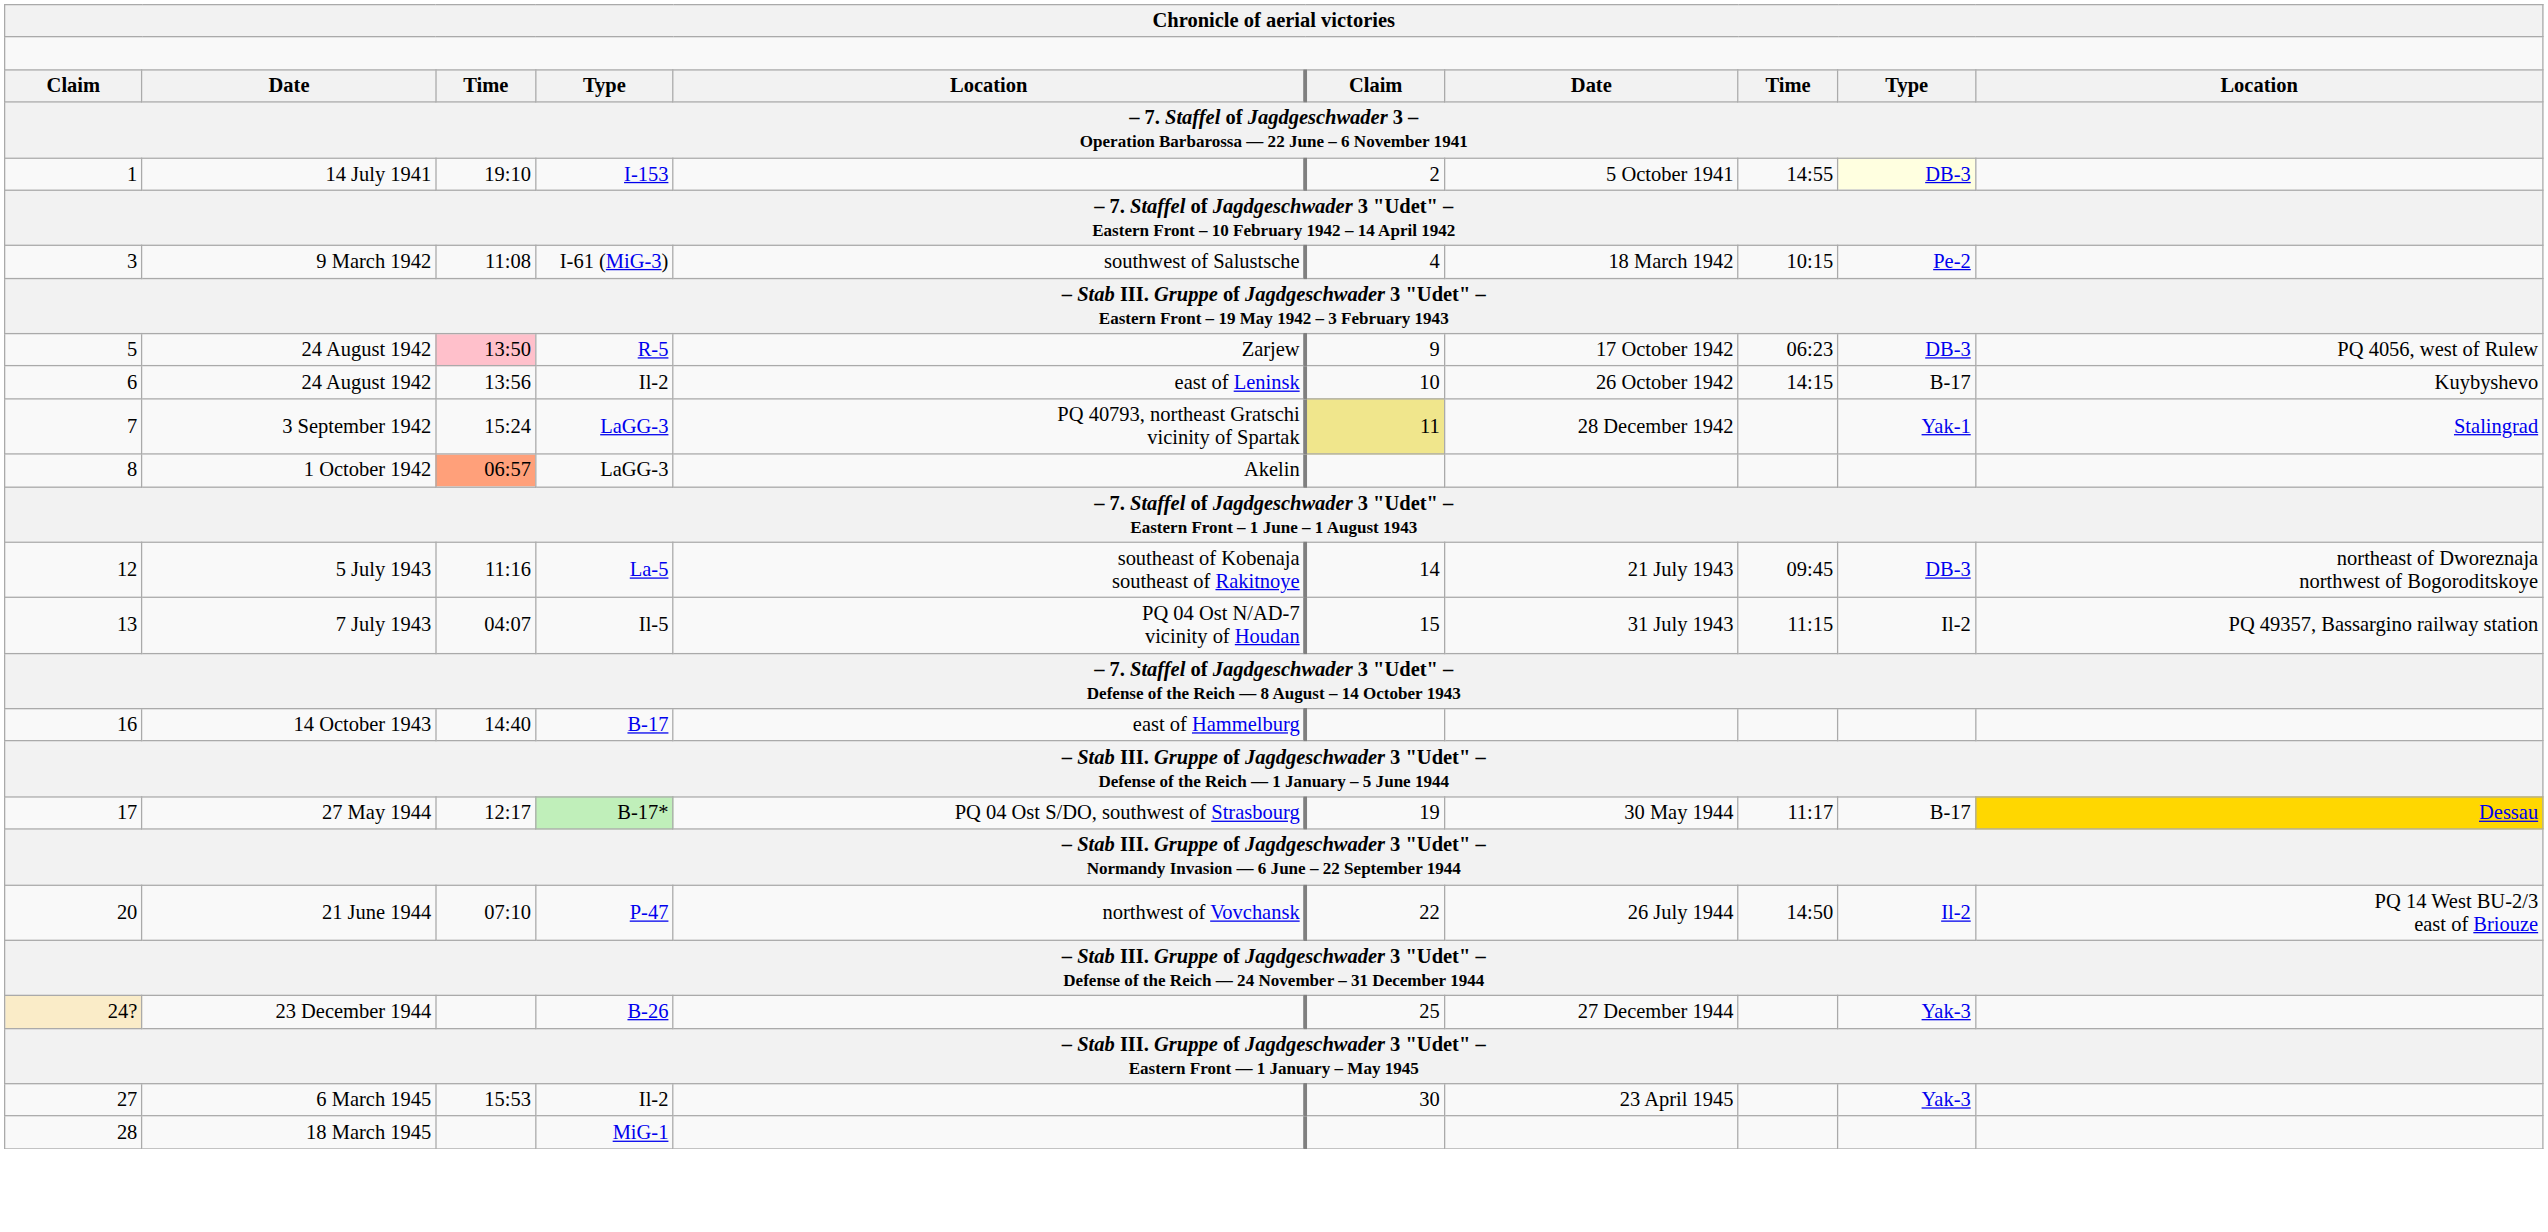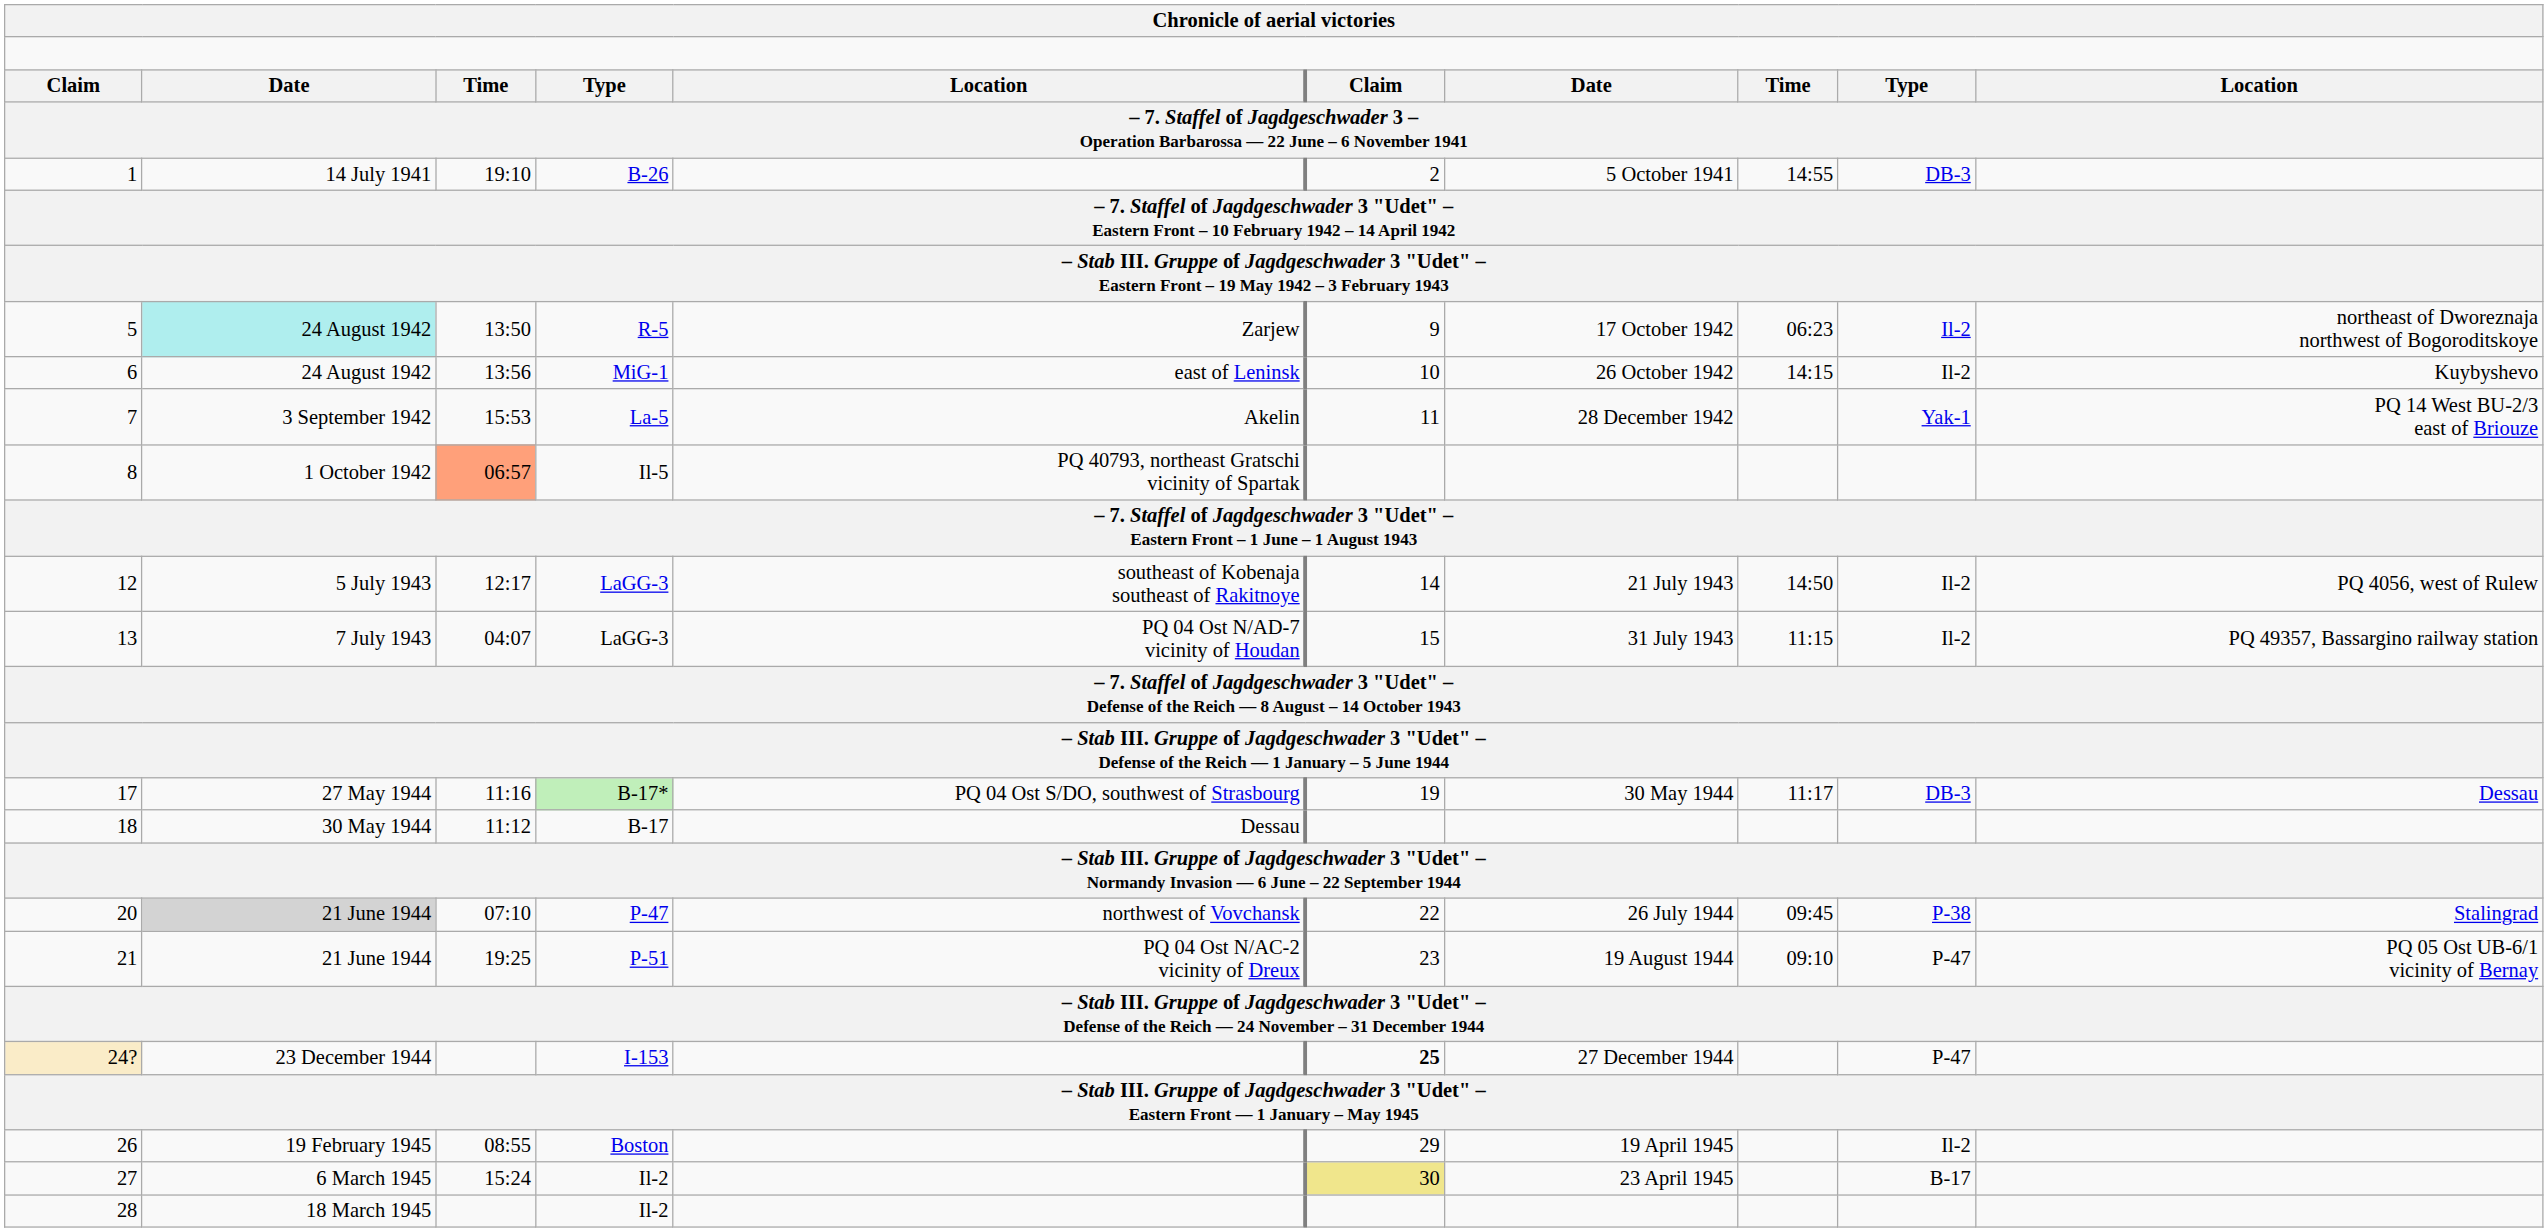 <table class="wikitable plainrowheaders collapsible" style="margin-left: auto; margin-right: auto; border: none; text-align:right; width: 100%;">
 <tr>
 <th colspan="10">Chronicle of aerial victories</th>
 </tr>
 <tr>
 <td colspan="10" style="text-align: left;"><br> </td>
 </tr>
 <tr>
 <th scope="col" width="100px">Claim</th>
 <th scope="col">Date</th>
 <th scope="col">Time</th>
 <th scope="col" width="100px">Type</th>
 <th scope="col">Location</th>
 <th scope="col" style="border-left: 3px solid grey;" width="100px">Claim</th>
 <th scope="col">Date</th>
 <th scope="col">Time</th>
 <th scope="col" width="100px">Type</th>
 <th scope="col">Location</th>
 </tr>
 <tr>
 <th colspan="10">– 7. <em>Staffel</em> of <em>Jagdgeschwader</em> 3 –<br><small>Operation Barbarossa — 22 June – 6 November 1941</small></th>
 </tr>
 <tr>
 <td>1</td>
 <td>14 July 1941</td>
 <td>19:10</td>
-<td><a href='#'>I-153</a></td>
+<td><a href='#'>B-26</a></td>
 <td></td>
 <td style="border-left: 3px solid grey;">2</td>
 <td>5 October 1941</td>
 <td>14:55</td>
-<td style="background: lightyellow;"><a href='#'>DB-3</a></td>
+<td><a href='#'>DB-3</a></td>
 <td></td>
 </tr>
 <tr>
 <th colspan="10">– 7. <em>Staffel</em> of <em>Jagdgeschwader</em> 3 "Udet" –<br><small>Eastern Front – 10 February 1942 – 14 April 1942</small></th>
 </tr>
 <tr>
-<td>3</td>
-<td>9 March 1942</td>
-<td>11:08</td>
-<td>I-61 (<a href='#'>MiG-3</a>)</td>
-<td> southwest of Salustsche</td>
-<td style="border-left: 3px solid grey;">4</td>
-<td>18 March 1942</td>
-<td>10:15</td>
-<td><a href='#'>Pe-2</a></td>
-<td></td>
-</tr>
-<tr>
 <th colspan="10">– <em>Stab</em> III. <em>Gruppe</em> of <em>Jagdgeschwader</em> 3 "Udet" –<br><small>Eastern Front – 19 May 1942 – 3 February 1943</small></th>
 </tr>
 <tr>
 <td>5</td>
-<td>24 August 1942</td>
-<td style="background: pink;">13:50</td>
+<td style="background: paleturquoise;">24 August 1942</td>
+<td>13:50</td>
 <td><a href='#'>R-5</a></td>
 <td>Zarjew</td>
 <td style="border-left: 3px solid grey;">9</td>
 <td>17 October 1942</td>
 <td>06:23</td>
-<td><a href='#'>DB-3</a></td>
-<td>PQ 4056, west of Rulew</td>
+<td><a href='#'>Il-2</a></td>
+<td> northeast of Dworeznaja<br> northwest of Bogoroditskoye</td>
 </tr>
 <tr>
 <td>6</td>
 <td>24 August 1942</td>
 <td>13:56</td>
-<td>Il-2</td>
+<td><a href='#'>MiG-1</a></td>
 <td>east of <a href='#'>Leninsk</a></td>
 <td style="border-left: 3px solid grey;">10</td>
 <td>26 October 1942</td>
 <td>14:15</td>
-<td>B-17</td>
+<td>Il-2</td>
 <td>Kuybyshevo</td>
 </tr>
 <tr>
 <td>7</td>
 <td>3 September 1942</td>
-<td>15:24</td>
-<td><a href='#'>LaGG-3</a></td>
-<td>PQ 40793, northeast Gratschi<br>vicinity of Spartak</td>
-<td style="background: khaki; border-left: 3px solid grey;">11</td>
+<td>15:53</td>
+<td><a href='#'>La-5</a></td>
+<td>Akelin</td>
+<td style="border-left: 3px solid grey;">11</td>
 <td>28 December 1942</td>
 <td></td>
 <td><a href='#'>Yak-1</a></td>
-<td><a href='#'>Stalingrad</a></td>
+<td>PQ 14 West BU-2/3<br>east of <a href='#'>Briouze</a></td>
 </tr>
 <tr>
 <td>8</td>
 <td>1 October 1942</td>
 <td style="background: lightsalmon;">06:57</td>
-<td>LaGG-3</td>
-<td>Akelin</td>
+<td>Il-5</td>
+<td>PQ 40793, northeast Gratschi<br>vicinity of Spartak</td>
 <td style="border-left: 3px solid grey;"></td>
 <td></td>
 <td></td>
 <td></td>
 <td></td>
 </tr>
 <tr>
 <th colspan="10">– 7. <em>Staffel</em> of <em>Jagdgeschwader</em> 3 "Udet" –<br><small>Eastern Front – 1 June – 1 August 1943</small></th>
 </tr>
 <tr>
 <td>12</td>
 <td>5 July 1943</td>
-<td>11:16</td>
-<td><a href='#'>La-5</a></td>
+<td>12:17</td>
+<td><a href='#'>LaGG-3</a></td>
 <td>southeast of Kobenaja<br>southeast of <a href='#'>Rakitnoye</a></td>
 <td style="border-left: 3px solid grey;">14</td>
 <td>21 July 1943</td>
-<td>09:45</td>
-<td><a href='#'>DB-3</a></td>
-<td> northeast of Dworeznaja<br> northwest of Bogoroditskoye</td>
+<td>14:50</td>
+<td>Il-2</td>
+<td>PQ 4056, west of Rulew</td>
 </tr>
 <tr>
 <td>13</td>
 <td>7 July 1943</td>
 <td>04:07</td>
-<td>Il-5</td>
+<td>LaGG-3</td>
 <td>PQ 04 Ost N/AD-7<br>vicinity of <a href='#'>Houdan</a></td>
 <td style="border-left: 3px solid grey;">15</td>
 <td>31 July 1943</td>
 <td>11:15</td>
 <td>Il-2</td>
 <td>PQ 49357, Bassargino railway station</td>
 </tr>
 <tr>
 <th colspan="10">– 7. <em>Staffel</em> of <em>Jagdgeschwader</em> 3 "Udet" –<br><small>Defense of the Reich — 8 August – 14 October 1943</small></th>
 </tr>
 <tr>
-<td>16</td>
-<td>14 October 1943</td>
-<td>14:40</td>
-<td><a href='#'>B-17</a></td>
-<td> east of <a href='#'>Hammelburg</a></td>
+<th colspan="10">– <em>Stab</em> III. <em>Gruppe</em> of <em>Jagdgeschwader</em> 3 "Udet" –<br><small>Defense of the Reich — 1 January – 5 June 1944</small></th>
+</tr>
+<tr>
+<td>17</td>
+<td>27 May 1944</td>
+<td>11:16</td>
+<td style="background:#C0EFBA">B-17*</td>
+<td>PQ 04 Ost S/DO, southwest of <a href='#'>Strasbourg</a></td>
+<td style="border-left: 3px solid grey;">19</td>
+<td>30 May 1944</td>
+<td>11:17</td>
+<td><a href='#'>DB-3</a></td>
+<td><a href='#'>Dessau</a></td>
+</tr>
+<tr>
+<td>18</td>
+<td>30 May 1944</td>
+<td>11:12</td>
+<td>B-17</td>
+<td>Dessau</td>
 <td style="border-left: 3px solid grey;"></td>
 <td></td>
 <td></td>
 <td></td>
 <td></td>
 </tr>
 <tr>
-<th colspan="10">– <em>Stab</em> III. <em>Gruppe</em> of <em>Jagdgeschwader</em> 3 "Udet" –<br><small>Defense of the Reich — 1 January – 5 June 1944</small></th>
-</tr>
-<tr>
-<td>17</td>
-<td>27 May 1944</td>
-<td>12:17</td>
-<td style="background:#C0EFBA">B-17*</td>
-<td>PQ 04 Ost S/DO, southwest of <a href='#'>Strasbourg</a></td>
-<td style="border-left: 3px solid grey;">19</td>
-<td>30 May 1944</td>
-<td>11:17</td>
-<td>B-17</td>
-<td style="background: gold;"><a href='#'>Dessau</a></td>
-</tr>
-<tr>
 <th colspan="10">– <em>Stab</em> III. <em>Gruppe</em> of <em>Jagdgeschwader</em> 3 "Udet" –<br><small>Normandy Invasion — 6 June – 22 September 1944</small></th>
 </tr>
 <tr>
 <td>20</td>
-<td>21 June 1944</td>
+<td style="background: lightgrey;">21 June 1944</td>
 <td>07:10</td>
 <td><a href='#'>P-47</a></td>
 <td>northwest of <a href='#'>Vovchansk</a></td>
 <td style="border-left: 3px solid grey;">22</td>
 <td>26 July 1944</td>
-<td>14:50</td>
-<td><a href='#'>Il-2</a></td>
-<td>PQ 14 West BU-2/3<br>east of <a href='#'>Briouze</a></td>
+<td>09:45</td>
+<td><a href='#'>P-38</a></td>
+<td><a href='#'>Stalingrad</a></td>
+</tr>
+<tr>
+<td>21</td>
+<td>21 June 1944</td>
+<td>19:25</td>
+<td><a href='#'>P-51</a></td>
+<td>PQ 04 Ost N/AC-2<br>vicinity of <a href='#'>Dreux</a></td>
+<td style="border-left: 3px solid grey;">23</td>
+<td>19 August 1944</td>
+<td>09:10</td>
+<td>P-47</td>
+<td>PQ 05 Ost UB-6/1<br>vicinity of <a href='#'>Bernay</a></td>
 </tr>
 <tr>
 <th colspan="10">– <em>Stab</em> III. <em>Gruppe</em> of <em>Jagdgeschwader</em> 3 "Udet" –<br><small>Defense of the Reich — 24 November – 31 December 1944</small></th>
 </tr>
 <tr>
 <td style="background:#faecc8">24?</td>
 <td>23 December 1944</td>
 <td></td>
-<td><a href='#'>B-26</a></td>
+<td><a href='#'>I-153</a></td>
 <td></td>
-<td style="border-left: 3px solid grey;">25</td>
+<td style="border-left: 3px solid grey;"><strong>25</strong></td>
 <td>27 December 1944</td>
 <td></td>
-<td><a href='#'>Yak-3</a></td>
+<td>P-47</td>
 <td></td>
 </tr>
 <tr>
 <th colspan="10">– <em>Stab</em> III. <em>Gruppe</em> of <em>Jagdgeschwader</em> 3 "Udet" –<br><small>Eastern Front — 1 January – May 1945</small></th>
 </tr>
 <tr>
+<td>26</td>
+<td>19 February 1945</td>
+<td>08:55</td>
+<td><a href='#'>Boston</a></td>
+<td></td>
+<td style="border-left: 3px solid grey;">29</td>
+<td>19 April 1945</td>
+<td></td>
+<td>Il-2</td>
+<td></td>
+</tr>
+<tr>
 <td>27</td>
 <td>6 March 1945</td>
-<td>15:53</td>
+<td>15:24</td>
 <td>Il-2</td>
 <td></td>
-<td style="border-left: 3px solid grey;">30</td>
+<td style="background: khaki; border-left: 3px solid grey;">30</td>
 <td>23 April 1945</td>
 <td></td>
-<td><a href='#'>Yak-3</a></td>
+<td>B-17</td>
 <td></td>
 </tr>
 <tr>
 <td>28</td>
 <td>18 March 1945</td>
 <td></td>
-<td><a href='#'>MiG-1</a></td>
+<td>Il-2</td>
 <td></td>
 <td style="border-left: 3px solid grey;"></td>
 <td></td>
 <td></td>
 <td></td>
 <td></td>
 </tr>
 </table>
